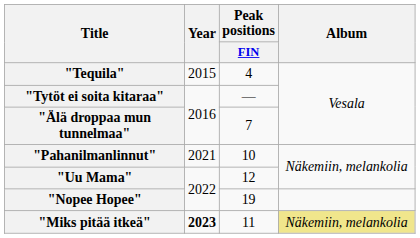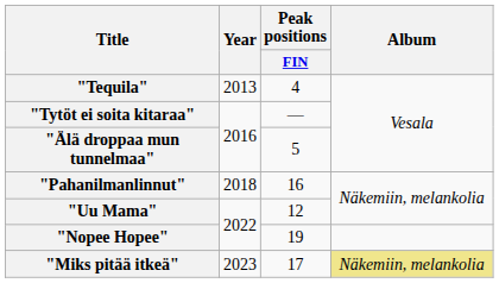 <table class="wikitable plainrowheaders" style="text-align:center">
 <tr>
 <th rowspan="2" width="200">Title</th>
 <th rowspan="2" width="10">Year</th>
 <th colspan="1" width="20">Peak positions</th>
 <th rowspan="2" width="150">Album</th>
 </tr>
 <tr>
 <th scope="col" style="width:3em;font-size:90%;"><a href='#'>FIN</a><br></th>
 </tr>
 <tr>
 <th scope="row">"Tequila"</th>
-<td>2015</td>
+<td>2013</td>
 <td>4</td>
 <td rowspan="3"><em>Vesala</em></td>
 </tr>
 <tr>
 <th scope="row">"Tytöt ei soita kitaraa"</th>
 <td rowspan="2">2016</td>
 <td>—</td>
 </tr>
 <tr>
 <th scope="row">"Älä droppaa mun tunnelmaa"</th>
-<td>7</td>
+<td>5</td>
 </tr>
 <tr>
 <th scope="row">"Pahanilmanlinnut"</th>
-<td>2021</td>
-<td>10<br></td>
+<td>2018</td>
+<td>16<br></td>
 <td rowspan="2"><em>Näkemiin, melankolia</em></td>
 </tr>
 <tr>
 <th scope="row">"Uu Mama"</th>
 <td rowspan="2">2022</td>
 <td>12<br></td>
 </tr>
 <tr>
 <th scope="row">"Nopee Hopee"<br></th>
 <td>19<br></td>
 <td></td>
 </tr>
 <tr>
 <th scope="row">"Miks pitää itkeä" </th>
-<td><strong>2023</strong></td>
-<td>11<br></td>
+<td>2023</td>
+<td>17<br></td>
 <td style="background: khaki;"><em>Näkemiin, melankolia</em></td>
 </tr>
 </table>
